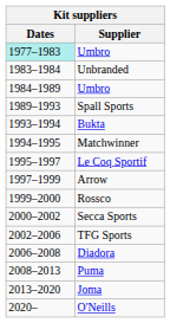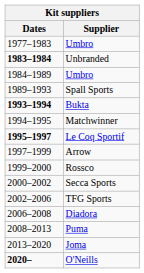 <table class="wikitable collapsible collapsed plainrowheaders" style="width: 25%; text-align: centr; margin-left:1em; float: left">
 <tr>
 <th colspan=3>Kit suppliers</th>
 </tr>
 <tr>
 <th scope="col">Dates</th>
 <th scope="col">Supplier</th>
 </tr>
 <tr>
-<td scope="row" style="background: paleturquoise;">1977–1983</td>
+<td scope="row">1977–1983</td>
 <td><a href='#'>Umbro</a></td>
 </tr>
 <tr>
-<td scope="row">1983–1984</td>
+<td scope="row"><strong>1983–1984</strong></td>
 <td>Unbranded</td>
 </tr>
 <tr>
 <td scope="row">1984–1989</td>
 <td><a href='#'>Umbro</a></td>
 </tr>
 <tr>
 <td scope="row">1989–1993</td>
 <td>Spall Sports</td>
 </tr>
 <tr>
-<td scope="row">1993–1994</td>
+<td scope="row"><strong>1993–1994</strong></td>
 <td><a href='#'>Bukta</a></td>
 </tr>
 <tr>
 <td scope="row">1994–1995</td>
 <td>Matchwinner</td>
 </tr>
 <tr>
-<td scope="row">1995–1997</td>
+<td scope="row"><strong>1995–1997</strong></td>
 <td><a href='#'>Le Coq Sportif</a></td>
 </tr>
 <tr>
 <td scope="row">1997–1999</td>
 <td>Arrow</td>
 </tr>
 <tr>
 <td scope="row">1999–2000</td>
 <td>Rossco</td>
 </tr>
 <tr>
 <td scope="row">2000–2002</td>
 <td>Secca Sports</td>
 </tr>
 <tr>
 <td scope="row">2002–2006</td>
 <td>TFG Sports</td>
 </tr>
 <tr>
 <td scope="row">2006–2008</td>
 <td><a href='#'>Diadora</a></td>
 </tr>
 <tr>
 <td scope="row">2008–2013</td>
 <td><a href='#'>Puma</a></td>
 </tr>
 <tr>
 <td scope="row">2013–2020</td>
 <td><a href='#'>Joma</a></td>
 </tr>
 <tr>
-<td scope="row">2020–</td>
+<td scope="row"><strong>2020–</strong></td>
 <td><a href='#'>O'Neills</a></td>
 </tr>
 </table>
